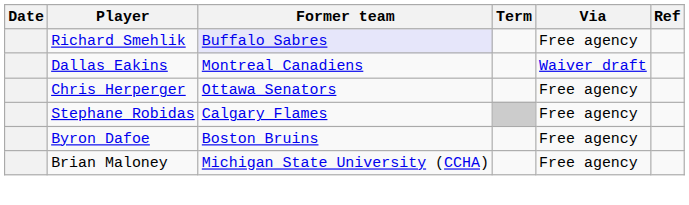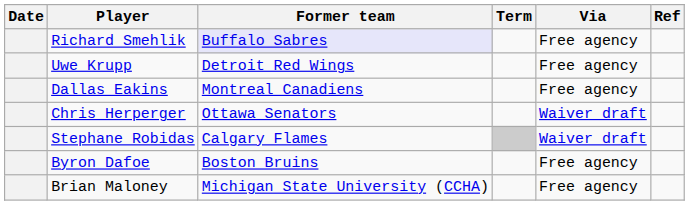 <table class="wikitable plainrowheaders">
 <tr style="background:#ddd; text-align:center;">
 <th>Date</th>
 <th>Player</th>
 <th>Former team</th>
 <th>Term</th>
 <th>Via</th>
 <th>Ref</th>
 </tr>
 <tr>
 <th scope="row"></th>
 <td><a href='#'>Richard Smehlik</a></td>
 <td style="background: lavender;"><a href='#'>Buffalo Sabres</a></td>
 <td></td>
 <td>Free agency</td>
 <td></td>
 </tr>
 <tr>
 <th scope="row"></th>
+<td><a href='#'>Uwe Krupp</a></td>
+<td><a href='#'>Detroit Red Wings</a></td>
+<td></td>
+<td>Free agency</td>
+<td></td>
+</tr>
+<tr>
+<th scope="row"></th>
 <td><a href='#'>Dallas Eakins</a></td>
 <td><a href='#'>Montreal Canadiens</a></td>
 <td></td>
-<td><a href='#'>Waiver draft</a></td>
+<td>Free agency</td>
 <td></td>
 </tr>
 <tr>
 <th scope="row"></th>
 <td><a href='#'>Chris Herperger</a></td>
 <td><a href='#'>Ottawa Senators</a></td>
 <td></td>
-<td>Free agency</td>
+<td><a href='#'>Waiver draft</a></td>
 <td></td>
 </tr>
 <tr>
 <th scope="row"></th>
 <td><a href='#'>Stephane Robidas</a></td>
 <td><a href='#'>Calgary Flames</a></td>
 <td style="background:#ccc"></td>
-<td>Free agency</td>
+<td><a href='#'>Waiver draft</a></td>
 <td></td>
 </tr>
 <tr>
 <th scope="row"></th>
 <td><a href='#'>Byron Dafoe</a></td>
 <td><a href='#'>Boston Bruins</a></td>
 <td></td>
 <td>Free agency</td>
 <td></td>
 </tr>
 <tr>
 <th scope="row"></th>
 <td>Brian Maloney</td>
 <td><a href='#'>Michigan State University</a> (<a href='#'>CCHA</a>)</td>
 <td></td>
 <td>Free agency</td>
 <td></td>
 </tr>
 </table>
